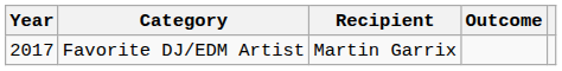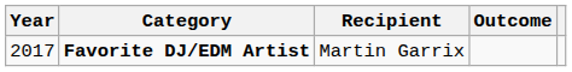 <table class="wikitable plainrowheaders sortable">
 <tr>
 <th scope="col">Year</th>
 <th scope="col">Category</th>
 <th scope="col">Recipient</th>
 <th scope="col">Outcome</th>
 <th scope="col" class="unsortable"></th>
 </tr>
 <tr>
 <td rowspan="3">2017</td>
-<td>Favorite DJ/EDM Artist</td>
+<td><strong>Favorite DJ/EDM Artist</strong></td>
 <td rowspan="3">Martin Garrix</td>
 <td></td>
 <td style="text-align:center;"></td>
 </tr>
 </table>
